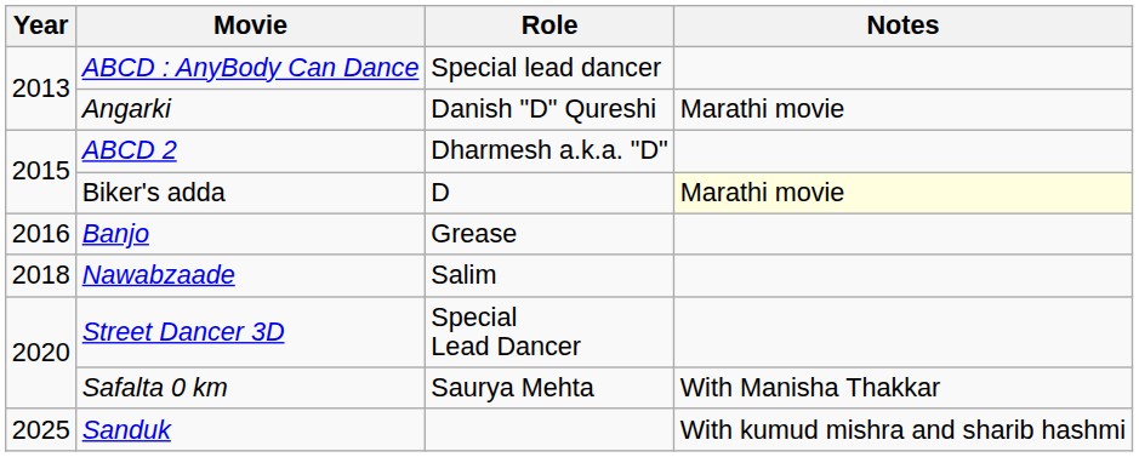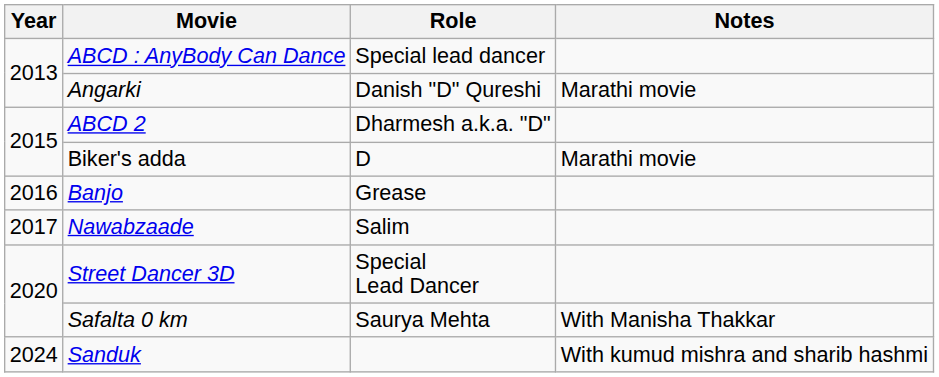 <table class="wikitable sortable" style="font-size: 100%;">
 <tr>
 <th scope="col">Year</th>
 <th scope="col">Movie</th>
 <th scope="col">Role</th>
 <th scope="col" class="unsortable">Notes</th>
 </tr>
 <tr>
 <td rowspan=2>2013</td>
 <td><em><a href='#'>ABCD : AnyBody Can Dance</a></em></td>
 <td cameo>Special lead dancer</td>
 <td></td>
 </tr>
 <tr>
 <td><em>Angarki</em></td>
 <td>Danish "D" Qureshi</td>
 <td>Marathi movie</td>
 </tr>
 <tr>
 <td rowspan=2>2015</td>
 <td><em><a href='#'>ABCD 2</a></em></td>
 <td>Dharmesh a.k.a. "D"</td>
 <td></td>
 </tr>
 <tr>
 <td>Biker's adda</td>
 <td>D</td>
-<td style="background: lightyellow;">Marathi movie</td>
+<td>Marathi movie</td>
 </tr>
 <tr>
 <td>2016</td>
 <td><em><a href='#'>Banjo</a></em></td>
 <td>Grease</td>
 <td></td>
 </tr>
 <tr>
-<td>2018</td>
+<td>2017</td>
 <td><em><a href='#'>Nawabzaade</a></em></td>
 <td>Salim</td>
 <td></td>
 </tr>
 <tr>
 <td rowspan=2>2020</td>
 <td><em><a href='#'>Street Dancer 3D</a></em></td>
 <td cameo>Special<br>Lead Dancer</td>
 <td></td>
 </tr>
 <tr>
 <td><em>Safalta 0 km</em></td>
 <td>Saurya Mehta</td>
 <td>With Manisha Thakkar</td>
 </tr>
 <tr>
-<td>2025</td>
+<td>2024</td>
 <td><em><a href='#'>Sanduk</a></em></td>
 <td></td>
 <td>With kumud mishra and sharib hashmi</td>
 </tr>
 </table>
